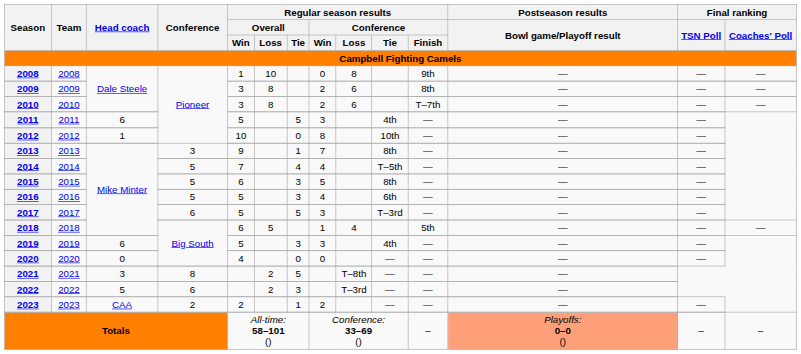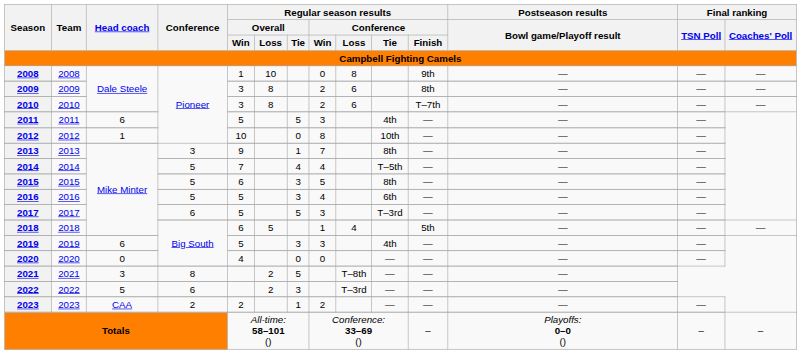 <table class="wikitable" style="font-size: 95%; text-align:center;" width="98%">
 <tr>
 <th rowspan="3">Season</th>
 <th rowspan="3">Team</th>
 <th rowspan="3"><a href='#'>Head coach</a></th>
 <th rowspan="3">Conference</th>
 <th colspan="7">Regular season results</th>
 <th colspan="1" style="width:29%;">Postseason results</th>
 <th colspan="2" style="width:15%;">Final ranking</th>
 </tr>
 <tr>
 <th colspan="3">Overall</th>
 <th colspan="4">Conference</th>
 <th rowspan="2">Bowl game/Playoff result</th>
 <th rowspan="2" colspan="1"><a href='#'>TSN Poll</a></th>
 <th rowspan="2" colspan="1"><a href='#'>Coaches' Poll</a></th>
 </tr>
 <tr>
 <th>Win</th>
 <th>Loss</th>
 <th>Tie</th>
 <th>Win</th>
 <th>Loss</th>
 <th>Tie</th>
 <th>Finish</th>
 </tr>
 <tr>
 <td colspan="16" style="background:#FF7F00;color:#000000"><strong>Campbell Fighting Camels</strong></td>
 </tr>
 <tr>
 <th scope="row"><a href='#'>2008</a></th>
 <td><a href='#'>2008</a></td>
 <td rowspan="5"><a href='#'>Dale Steele</a></td>
 <td rowspan="10"><a href='#'>Pioneer</a></td>
 <td>1</td>
 <td>10</td>
 <td></td>
 <td>0</td>
 <td>8</td>
 <td></td>
 <td>9th</td>
 <td>—</td>
 <td>—</td>
 <td>—</td>
 </tr>
 <tr>
 </tr>
 <tr>
 <th scope="row"><a href='#'>2009</a></th>
 <td><a href='#'>2009</a></td>
 <td>3</td>
 <td>8</td>
 <td></td>
 <td>2</td>
 <td>6</td>
 <td></td>
 <td>8th</td>
 <td>—</td>
 <td>—</td>
 <td>—</td>
 </tr>
 <tr>
 </tr>
 <tr>
 <th scope="row"><a href='#'>2010</a></th>
 <td><a href='#'>2010</a></td>
 <td>3</td>
 <td>8</td>
 <td></td>
 <td>2</td>
 <td>6</td>
 <td></td>
 <td>T–7th</td>
 <td>—</td>
 <td>—</td>
 <td>—</td>
 </tr>
 <tr>
 </tr>
 <tr>
 <th scope="row"><a href='#'>2011</a></th>
 <td><a href='#'>2011</a></td>
 <td>6</td>
 <td>5</td>
 <td></td>
 <td>5</td>
 <td>3</td>
 <td></td>
 <td>4th</td>
 <td>—</td>
 <td>—</td>
 <td>—</td>
 </tr>
 <tr>
 </tr>
 <tr>
 <th scope="row"><a href='#'>2012</a></th>
 <td><a href='#'>2012</a></td>
 <td>1</td>
 <td>10</td>
 <td></td>
 <td>0</td>
 <td>8</td>
 <td></td>
 <td>10th</td>
 <td>—</td>
 <td>—</td>
 <td>—</td>
 </tr>
 <tr>
 </tr>
 <tr>
 <th scope="row"><a href='#'>2013</a></th>
 <td><a href='#'>2013</a></td>
 <td rowspan="11"><a href='#'>Mike Minter</a></td>
 <td>3</td>
 <td>9</td>
 <td></td>
 <td>1</td>
 <td>7</td>
 <td></td>
 <td>8th</td>
 <td>—</td>
 <td>—</td>
 <td>—</td>
 </tr>
 <tr>
 </tr>
 <tr>
 <th scope="row"><a href='#'>2014</a></th>
 <td><a href='#'>2014</a></td>
 <td>5</td>
 <td>7</td>
 <td></td>
 <td>4</td>
 <td>4</td>
 <td></td>
 <td>T–5th</td>
 <td>—</td>
 <td>—</td>
 <td>—</td>
 </tr>
 <tr>
 </tr>
 <tr>
 <th scope="row"><a href='#'>2015</a></th>
 <td><a href='#'>2015</a></td>
 <td>5</td>
 <td>6</td>
 <td></td>
 <td>3</td>
 <td>5</td>
 <td></td>
 <td>8th</td>
 <td>—</td>
 <td>—</td>
 <td>—</td>
 </tr>
 <tr>
 </tr>
 <tr>
 <th scope="row"><a href='#'>2016</a></th>
 <td><a href='#'>2016</a></td>
 <td>5</td>
 <td>5</td>
 <td></td>
 <td>3</td>
 <td>4</td>
 <td></td>
 <td>6th</td>
 <td>—</td>
 <td>—</td>
 <td>—</td>
 </tr>
 <tr>
 </tr>
 <tr>
 <th scope="row"><a href='#'>2017</a></th>
 <td><a href='#'>2017</a></td>
 <td>6</td>
 <td>5</td>
 <td></td>
 <td>5</td>
 <td>3</td>
 <td></td>
 <td>T–3rd</td>
 <td>—</td>
 <td>—</td>
 <td>—</td>
 </tr>
 <tr>
 </tr>
 <tr>
 <th scope="row"><a href='#'>2018</a></th>
 <td><a href='#'>2018</a></td>
 <td rowspan="5"><a href='#'>Big South</a></td>
 <td>6</td>
 <td>5</td>
 <td></td>
 <td>1</td>
 <td>4</td>
 <td></td>
 <td>5th</td>
 <td>—</td>
 <td>—</td>
 <td>—</td>
 </tr>
 <tr>
 </tr>
 <tr>
 <th scope="row"><a href='#'>2019</a></th>
 <td><a href='#'>2019</a></td>
 <td>6</td>
 <td>5</td>
 <td></td>
 <td>3</td>
 <td>3</td>
 <td></td>
 <td>4th</td>
 <td>—</td>
 <td>—</td>
 <td>—</td>
 </tr>
 <tr>
 </tr>
 <tr>
 <th scope="row"><a href='#'>2020</a></th>
 <td><a href='#'>2020</a></td>
 <td>0</td>
 <td>4</td>
 <td></td>
 <td>0</td>
 <td>0</td>
 <td></td>
 <td>—</td>
 <td>—</td>
 <td>—</td>
 <td>—</td>
 </tr>
 <tr>
 </tr>
 <tr>
 <th scope="row"><a href='#'>2021</a></th>
 <td><a href='#'>2021</a></td>
 <td>3</td>
 <td>8</td>
 <td></td>
 <td>2</td>
 <td>5</td>
 <td></td>
 <td>T–8th</td>
 <td>—</td>
 <td>—</td>
 <td>—</td>
 </tr>
 <tr>
 </tr>
 <tr>
 <th scope="row"><a href='#'>2022</a></th>
 <td><a href='#'>2022</a></td>
 <td>5</td>
 <td>6</td>
 <td></td>
 <td>2</td>
 <td>3</td>
 <td></td>
 <td>T–3rd</td>
 <td>—</td>
 <td>—</td>
 <td>—</td>
 </tr>
 <tr>
 </tr>
 <tr>
 <th scope="row"><a href='#'>2023</a></th>
 <td><a href='#'>2023</a></td>
 <td rowspan="1"><a href='#'>CAA</a></td>
 <td>2</td>
 <td>2</td>
 <td></td>
 <td>1</td>
 <td>2</td>
 <td></td>
 <td>—</td>
 <td>—</td>
 <td>—</td>
 <td>—</td>
 </tr>
 <tr>
 </tr>
 <tr>
 <td colspan="4" bgcolor="#FF7F00"><strong>Totals</strong></td>
 <td colspan="3"><em>All-time:</em><br><strong>58–101</strong><br>()</td>
 <td colspan="3"><em>Conference:</em><br><strong>33–69</strong><br>()</td>
 <td>–</td>
-<td style="background: lightsalmon;"><em>Playoffs:</em><br><strong>0–0</strong><br>()</td>
+<td><em>Playoffs:</em><br><strong>0–0</strong><br>()</td>
 <td>–</td>
 <td>–</td>
 </tr>
 </table>
